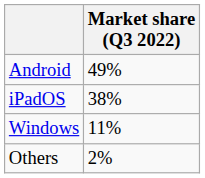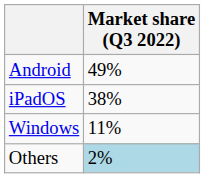 <table class="wikitable">
 <tr>
 <th></th>
 <th>Market share<br>(Q3 2022)</th>
 </tr>
 <tr>
 <td><a href='#'>Android</a></td>
 <td>49%</td>
 </tr>
 <tr>
 <td><a href='#'>iPadOS</a></td>
 <td>38%</td>
 </tr>
 <tr>
 <td><a href='#'>Windows</a></td>
 <td>11%</td>
 </tr>
 <tr>
 <td>Others</td>
-<td>2%</td>
+<td style="background: lightblue;">2%</td>
 </tr>
 </table>
